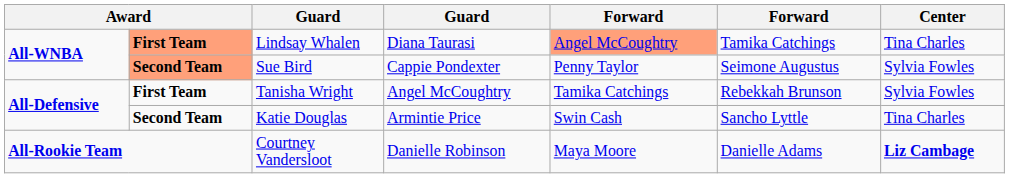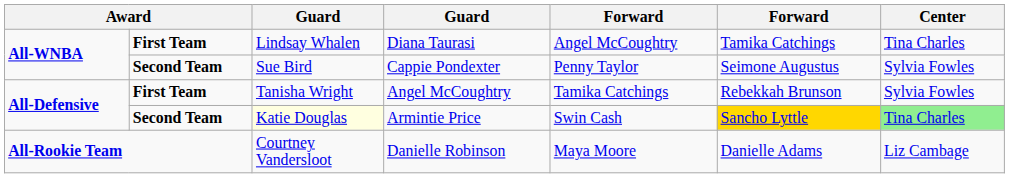 <table class="wikitable" style="width: 80%">
 <tr>
 <th colspan="2">Award</th>
 <th width=125>Guard</th>
 <th>Guard</th>
 <th>Forward</th>
 <th>Forward</th>
 <th>Center</th>
 </tr>
 <tr>
 <td rowspan="2"><strong><a href='#'>All-WNBA</a></strong></td>
-<td style="background: lightsalmon;"><strong>First Team</strong></td>
+<td><strong>First Team</strong></td>
 <td><a href='#'>Lindsay Whalen</a></td>
 <td><a href='#'>Diana Taurasi</a></td>
-<td style="background: lightsalmon;"><a href='#'>Angel McCoughtry</a></td>
+<td><a href='#'>Angel McCoughtry</a></td>
 <td><a href='#'>Tamika Catchings</a></td>
 <td><a href='#'>Tina Charles</a></td>
 </tr>
 <tr>
-<td style="background: lightsalmon;"><strong>Second Team</strong></td>
+<td><strong>Second Team</strong></td>
 <td><a href='#'>Sue Bird</a></td>
 <td><a href='#'>Cappie Pondexter</a></td>
 <td><a href='#'>Penny Taylor</a></td>
 <td><a href='#'>Seimone Augustus</a></td>
 <td><a href='#'>Sylvia Fowles</a></td>
 </tr>
 <tr>
 <td rowspan="2"><strong><a href='#'>All-Defensive</a></strong></td>
 <td><strong>First Team</strong></td>
 <td><a href='#'>Tanisha Wright</a></td>
 <td><a href='#'>Angel McCoughtry</a></td>
 <td><a href='#'>Tamika Catchings</a></td>
 <td><a href='#'>Rebekkah Brunson</a></td>
 <td><a href='#'>Sylvia Fowles</a></td>
 </tr>
 <tr>
 <td><strong>Second Team</strong></td>
-<td><a href='#'>Katie Douglas</a></td>
+<td style="background: lightyellow;"><a href='#'>Katie Douglas</a></td>
 <td><a href='#'>Armintie Price</a></td>
 <td><a href='#'>Swin Cash</a></td>
-<td><a href='#'>Sancho Lyttle</a></td>
-<td><a href='#'>Tina Charles</a></td>
+<td style="background: gold;"><a href='#'>Sancho Lyttle</a></td>
+<td style="background: lightgreen;"><a href='#'>Tina Charles</a></td>
 </tr>
 <tr>
 <td colspan="2"><strong><a href='#'>All-Rookie Team</a></strong></td>
 <td><a href='#'>Courtney Vandersloot</a></td>
 <td><a href='#'>Danielle Robinson</a></td>
 <td><a href='#'>Maya Moore</a></td>
 <td><a href='#'>Danielle Adams</a></td>
-<td><strong><a href='#'>Liz Cambage</a></strong></td>
+<td><a href='#'>Liz Cambage</a></td>
 </tr>
 </table>
